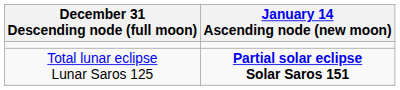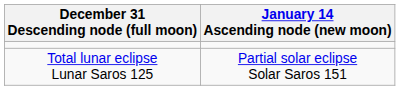 <table class="wikitable">
 <tr>
 <th>December 31<br>Descending node (full moon)<br></th>
 <th><a href='#'>January 14</a><br>Ascending node (new moon)<br></th>
 </tr>
 <tr>
 <td></td>
 <td></td>
 </tr>
 <tr align=center>
 <td><a href='#'>Total lunar eclipse</a><br>Lunar Saros 125</td>
-<td><strong><a href='#'>Partial solar eclipse</a><br>Solar Saros 151</strong></td>
+<td><a href='#'>Partial solar eclipse</a><br>Solar Saros 151</td>
 </tr>
 </table>
